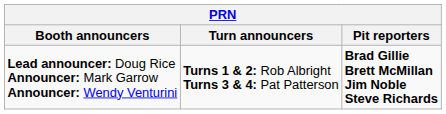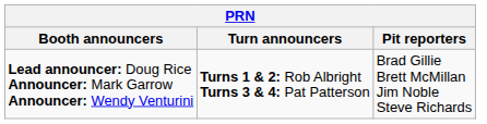 <table class="wikitable" style="font-size: 95%">
 <tr>
 <th colspan="3"><a href='#'>PRN</a></th>
 </tr>
 <tr>
 <th>Booth announcers</th>
 <th>Turn announcers</th>
 <th>Pit reporters</th>
 </tr>
 <tr>
 <td><strong>Lead announcer:</strong> Doug Rice<br><strong>Announcer:</strong> Mark Garrow<br><strong>Announcer:</strong> <a href='#'>Wendy Venturini</a></td>
 <td><strong>Turns 1 & 2:</strong> Rob Albright<br><strong>Turns 3 & 4:</strong> Pat Patterson</td>
-<td><strong>Brad Gillie<br>Brett McMillan<br>Jim Noble<br>Steve Richards</strong></td>
+<td>Brad Gillie<br>Brett McMillan<br>Jim Noble<br>Steve Richards</td>
 </tr>
 </table>
